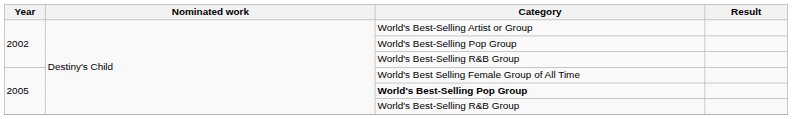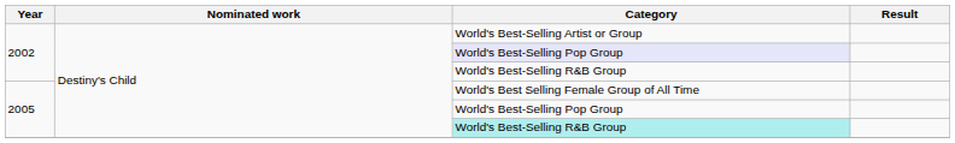 <table class="wikitable" width="100%">
 <tr>
 <th width="5%">Year</th>
 <th width="40%">Nominated work</th>
 <th width="40%">Category</th>
 <th width="10%">Result</th>
 </tr>
 <tr>
 <td rowspan="3">2002</td>
 <td rowspan="6">Destiny's Child</td>
 <td>World's Best-Selling Artist or Group</td>
 <td></td>
 </tr>
 <tr>
-<td>World's Best-Selling Pop Group</td>
+<td style="background: lavender;">World's Best-Selling Pop Group</td>
 <td></td>
 </tr>
 <tr>
 <td>World's Best-Selling R&B Group</td>
 <td></td>
 </tr>
 <tr>
 <td rowspan="3">2005</td>
 <td>World's Best Selling Female Group of All Time</td>
 <td></td>
 </tr>
 <tr>
-<td><strong>World's Best-Selling Pop Group</strong></td>
+<td>World's Best-Selling Pop Group</td>
 <td></td>
 </tr>
 <tr>
-<td>World's Best-Selling R&B Group</td>
+<td style="background: paleturquoise;">World's Best-Selling R&B Group</td>
 <td></td>
 </tr>
 <tr>
 </tr>
 </table>
